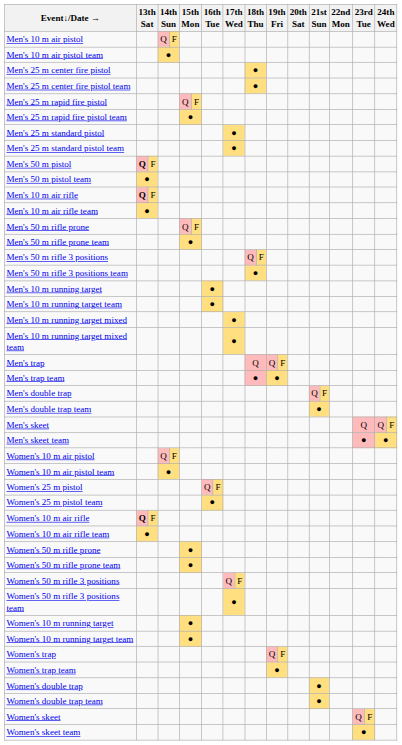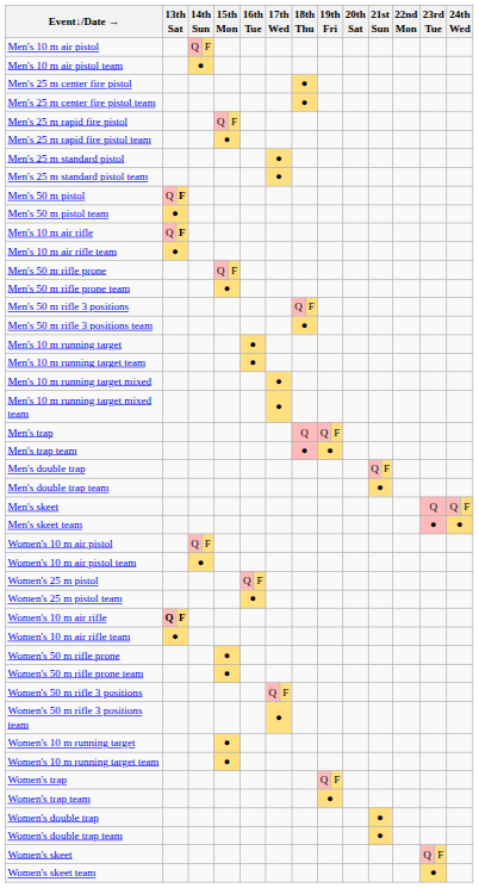 <table class="wikitable" style="margin:0.5em auto; font-size:90%; line-height:1.25em; text-align:center;">
 <tr>
 <th>Event↓/Date →</th>
 <th colspan=2>13th<br>Sat</th>
 <th colspan=2>14th<br>Sun</th>
 <th colspan=2>15th<br>Mon</th>
 <th colspan=2>16th<br>Tue</th>
 <th colspan=2>17th<br>Wed</th>
 <th colspan=2>18th<br>Thu</th>
 <th colspan=2>19th<br>Fri</th>
 <th>20th<br>Sat</th>
 <th colspan=2>21st<br>Sun</th>
 <th>22nd<br>Mon</th>
 <th colspan=2>23rd<br>Tue</th>
 <th colspan=2>24th<br>Wed</th>
 </tr>
 <tr>
 <td align=left><a href='#'>Men's 10 m air pistol</a></td>
 <td colspan=2></td>
 <td bgcolor="#FFBBBB">Q</td>
 <td bgcolor="#FFDF80">F</td>
 <td colspan=2></td>
 <td colspan=2></td>
 <td colspan=2></td>
 <td colspan=2></td>
 <td colspan=2></td>
 <td></td>
 <td colspan=2></td>
 <td></td>
 <td colspan=2></td>
 <td colspan=2></td>
 </tr>
 <tr>
 <td align=left><a href='#'>Men's 10 m air pistol team</a></td>
 <td colspan=2></td>
 <td colspan=2 bgcolor="#FFDF80">●</td>
 <td colspan=2></td>
 <td colspan=2></td>
 <td colspan=2></td>
 <td colspan=2></td>
 <td colspan=2></td>
 <td></td>
 <td colspan=2></td>
 <td></td>
 <td colspan=2></td>
 <td colspan=2></td>
 </tr>
 <tr>
 <td align=left><a href='#'>Men's 25 m center fire pistol</a></td>
 <td colspan=2></td>
 <td colspan=2></td>
 <td colspan=2></td>
 <td colspan=2></td>
 <td colspan=2></td>
 <td colspan=2 bgcolor="#FFDF80">●</td>
 <td colspan=2></td>
 <td></td>
 <td colspan=2></td>
 <td></td>
 <td colspan=2></td>
 <td colspan=2></td>
 </tr>
 <tr>
 <td align=left><a href='#'>Men's 25 m center fire pistol team</a></td>
 <td colspan=2></td>
 <td colspan=2></td>
 <td colspan=2></td>
 <td colspan=2></td>
 <td colspan=2></td>
 <td colspan=2 bgcolor="#FFDF80">●</td>
 <td colspan=2></td>
 <td></td>
 <td colspan=2></td>
 <td></td>
 <td colspan=2></td>
 <td colspan=2></td>
 </tr>
 <tr>
 <td align=left><a href='#'>Men's 25 m rapid fire pistol</a></td>
 <td colspan=2></td>
 <td colspan=2></td>
 <td bgcolor="#FFBBBB">Q</td>
 <td bgcolor="#FFDF80">F</td>
 <td colspan=2></td>
 <td colspan=2></td>
 <td colspan=2></td>
 <td colspan=2></td>
 <td></td>
 <td colspan=2></td>
 <td></td>
 <td colspan=2></td>
 <td colspan=2></td>
 </tr>
 <tr>
 <td align=left><a href='#'>Men's 25 m rapid fire pistol team</a></td>
 <td colspan=2></td>
 <td colspan=2></td>
 <td colspan=2 bgcolor="#FFDF80">●</td>
 <td colspan=2></td>
 <td colspan=2></td>
 <td colspan=2></td>
 <td colspan=2></td>
 <td></td>
 <td colspan=2></td>
 <td></td>
 <td colspan=2></td>
 <td colspan=2></td>
 </tr>
 <tr>
 <td align=left><a href='#'>Men's 25 m standard pistol</a></td>
 <td colspan=2></td>
 <td colspan=2></td>
 <td colspan=2></td>
 <td colspan=2></td>
 <td colspan=2 bgcolor="#FFDF80">●</td>
 <td colspan=2></td>
 <td colspan=2></td>
 <td></td>
 <td colspan=2></td>
 <td></td>
 <td colspan=2></td>
 <td colspan=2></td>
 </tr>
 <tr>
 <td align=left><a href='#'>Men's 25 m standard pistol team</a></td>
 <td colspan=2></td>
 <td colspan=2></td>
 <td colspan=2></td>
 <td colspan=2></td>
 <td colspan=2 bgcolor="#FFDF80">●</td>
 <td colspan=2></td>
 <td colspan=2></td>
 <td></td>
 <td colspan=2></td>
 <td></td>
 <td colspan=2></td>
 <td colspan=2></td>
 </tr>
 <tr>
 <td align=left><a href='#'>Men's 50 m pistol</a></td>
-<td bgcolor="#FFBBBB"><strong>Q</strong></td>
-<td bgcolor="#FFDF80">F</td>
+<td bgcolor="#FFBBBB">Q</td>
+<td bgcolor="#FFDF80"><strong>F</strong></td>
 <td colspan=2></td>
 <td colspan=2></td>
 <td colspan=2></td>
 <td colspan=2></td>
 <td colspan=2></td>
 <td colspan=2></td>
 <td></td>
 <td colspan=2></td>
 <td></td>
 <td colspan=2></td>
 <td colspan=2></td>
 </tr>
 <tr>
 <td align=left><a href='#'>Men's 50 m pistol team</a></td>
 <td colspan=2 bgcolor="#FFDF80">●</td>
 <td colspan=2></td>
 <td colspan=2></td>
 <td colspan=2></td>
 <td colspan=2></td>
 <td colspan=2></td>
 <td colspan=2></td>
 <td></td>
 <td colspan=2></td>
 <td></td>
 <td colspan=2></td>
 <td colspan=2></td>
 </tr>
 <tr>
 <td align=left><a href='#'>Men's 10 m air rifle</a></td>
-<td bgcolor="#FFBBBB"><strong>Q</strong></td>
-<td bgcolor="#FFDF80">F</td>
+<td bgcolor="#FFBBBB">Q</td>
+<td bgcolor="#FFDF80"><strong>F</strong></td>
 <td colspan=2></td>
 <td colspan=2></td>
 <td colspan=2></td>
 <td colspan=2></td>
 <td colspan=2></td>
 <td colspan=2></td>
 <td></td>
 <td colspan=2></td>
 <td></td>
 <td colspan=2></td>
 <td colspan=2></td>
 </tr>
 <tr>
 <td align=left><a href='#'>Men's 10 m air rifle team</a></td>
 <td colspan=2 bgcolor="#FFDF80">●</td>
 <td colspan=2></td>
 <td colspan=2></td>
 <td colspan=2></td>
 <td colspan=2></td>
 <td colspan=2></td>
 <td colspan=2></td>
 <td></td>
 <td colspan=2></td>
 <td></td>
 <td colspan=2></td>
 <td colspan=2></td>
 </tr>
 <tr>
 <td align=left><a href='#'>Men's 50 m rifle prone</a></td>
 <td colspan=2></td>
 <td colspan=2></td>
 <td bgcolor="#FFBBBB">Q</td>
 <td bgcolor="#FFDF80">F</td>
 <td colspan=2></td>
 <td colspan=2></td>
 <td colspan=2></td>
 <td colspan=2></td>
 <td></td>
 <td colspan=2></td>
 <td></td>
 <td colspan=2></td>
 <td colspan=2></td>
 </tr>
 <tr>
 <td align=left><a href='#'>Men's 50 m rifle prone team</a></td>
 <td colspan=2></td>
 <td colspan=2></td>
 <td colspan=2 bgcolor="#FFDF80">●</td>
 <td colspan=2></td>
 <td colspan=2></td>
 <td colspan=2></td>
 <td colspan=2></td>
 <td></td>
 <td colspan=2></td>
 <td></td>
 <td colspan=2></td>
 <td colspan=2></td>
 </tr>
 <tr>
 <td align=left><a href='#'>Men's 50 m rifle 3 positions</a></td>
 <td colspan=2></td>
 <td colspan=2></td>
 <td colspan=2></td>
 <td colspan=2></td>
 <td colspan=2></td>
 <td bgcolor="#FFBBBB">Q</td>
 <td bgcolor="#FFDF80">F</td>
 <td colspan=2></td>
 <td></td>
 <td colspan=2></td>
 <td></td>
 <td colspan=2></td>
 <td colspan=2></td>
 </tr>
 <tr>
 <td align=left><a href='#'>Men's 50 m rifle 3 positions team</a></td>
 <td colspan=2></td>
 <td colspan=2></td>
 <td colspan=2></td>
 <td colspan=2></td>
 <td colspan=2></td>
 <td colspan=2 bgcolor="#FFDF80">●</td>
 <td colspan=2></td>
 <td></td>
 <td colspan=2></td>
 <td></td>
 <td colspan=2></td>
 <td colspan=2></td>
 </tr>
 <tr>
 <td align=left><a href='#'>Men's 10 m running target</a></td>
 <td colspan=2></td>
 <td colspan=2></td>
 <td colspan=2></td>
 <td colspan=2 bgcolor="#FFDF80">●</td>
 <td colspan=2></td>
 <td colspan=2></td>
 <td colspan=2></td>
 <td></td>
 <td colspan=2></td>
 <td></td>
 <td colspan=2></td>
 <td colspan=2></td>
 </tr>
 <tr>
 <td align=left><a href='#'>Men's 10 m running target team</a></td>
 <td colspan=2></td>
 <td colspan=2></td>
 <td colspan=2></td>
 <td colspan=2 bgcolor="#FFDF80">●</td>
 <td colspan=2></td>
 <td colspan=2></td>
 <td colspan=2></td>
 <td></td>
 <td colspan=2></td>
 <td></td>
 <td colspan=2></td>
 <td colspan=2></td>
 </tr>
 <tr>
 <td align=left><a href='#'>Men's 10 m running target mixed</a></td>
 <td colspan=2></td>
 <td colspan=2></td>
 <td colspan=2></td>
 <td colspan=2></td>
 <td colspan=2 bgcolor="#FFDF80">●</td>
 <td colspan=2></td>
 <td colspan=2></td>
 <td></td>
 <td colspan=2></td>
 <td></td>
 <td colspan=2></td>
 <td colspan=2></td>
 </tr>
 <tr>
 <td align=left><a href='#'>Men's 10 m running target mixed team</a></td>
 <td colspan=2></td>
 <td colspan=2></td>
 <td colspan=2></td>
 <td colspan=2></td>
 <td colspan=2 bgcolor="#FFDF80">●</td>
 <td colspan=2></td>
 <td colspan=2></td>
 <td></td>
 <td colspan=2></td>
 <td></td>
 <td colspan=2></td>
 <td colspan=2></td>
 </tr>
 <tr>
 <td align=left><a href='#'>Men's trap</a></td>
 <td colspan=2></td>
 <td colspan=2></td>
 <td colspan=2></td>
 <td colspan=2></td>
 <td colspan=2></td>
 <td colspan=2 bgcolor="#FFBBBB">Q</td>
 <td bgcolor="#FFBBBB">Q</td>
 <td bgcolor="#FFDF80">F</td>
 <td></td>
 <td colspan=2></td>
 <td></td>
 <td colspan=2></td>
 <td colspan=2></td>
 </tr>
 <tr>
 <td align=left><a href='#'>Men's trap team</a></td>
 <td colspan=2></td>
 <td colspan=2></td>
 <td colspan=2></td>
 <td colspan=2></td>
 <td colspan=2></td>
 <td colspan=2 bgcolor="#FFBBBB">●</td>
 <td colspan=2 bgcolor="#FFDF80">●</td>
 <td></td>
 <td colspan=2></td>
 <td></td>
 <td colspan=2></td>
 <td colspan=2></td>
 </tr>
 <tr>
 <td align=left><a href='#'>Men's double trap</a></td>
 <td colspan=2></td>
 <td colspan=2></td>
 <td colspan=2></td>
 <td colspan=2></td>
 <td colspan=2></td>
 <td colspan=2></td>
 <td colspan=2></td>
 <td></td>
 <td bgcolor="#FFBBBB">Q</td>
 <td bgcolor="#FFDF80">F</td>
 <td></td>
 <td colspan=2></td>
 <td colspan=2></td>
 </tr>
 <tr>
 <td align=left><a href='#'>Men's double trap team</a></td>
 <td colspan=2></td>
 <td colspan=2></td>
 <td colspan=2></td>
 <td colspan=2></td>
 <td colspan=2></td>
 <td colspan=2></td>
 <td colspan=2></td>
 <td></td>
 <td colspan=2 bgcolor="#FFDF80">●</td>
 <td></td>
 <td colspan=2></td>
 <td colspan=2></td>
 </tr>
 <tr>
 <td align=left><a href='#'>Men's skeet</a></td>
 <td colspan=2></td>
 <td colspan=2></td>
 <td colspan=2></td>
 <td colspan=2></td>
 <td colspan=2></td>
 <td colspan=2></td>
 <td colspan=2></td>
 <td></td>
 <td colspan=2></td>
 <td></td>
 <td colspan=2 bgcolor="#FFBBBB">Q</td>
 <td bgcolor="#FFBBBB">Q</td>
 <td bgcolor="#FFDF80">F</td>
 </tr>
 <tr>
 <td align=left><a href='#'>Men's skeet team</a></td>
 <td colspan=2></td>
 <td colspan=2></td>
 <td colspan=2></td>
 <td colspan=2></td>
 <td colspan=2></td>
 <td colspan=2></td>
 <td colspan=2></td>
 <td></td>
 <td colspan=2></td>
 <td></td>
 <td colspan=2 bgcolor="#FFBBBB">●</td>
 <td colspan=2 bgcolor="#FFDF80">●</td>
 </tr>
 <tr>
 <td align=left><a href='#'>Women's 10 m air pistol</a></td>
 <td colspan=2></td>
 <td bgcolor="#FFBBBB">Q</td>
 <td bgcolor="#FFDF80">F</td>
 <td colspan=2></td>
 <td colspan=2></td>
 <td colspan=2></td>
 <td colspan=2></td>
 <td colspan=2></td>
 <td></td>
 <td colspan=2></td>
 <td></td>
 <td colspan=2></td>
 <td colspan=2></td>
 </tr>
 <tr>
 <td align=left><a href='#'>Women's 10 m air pistol team</a></td>
 <td colspan=2></td>
 <td colspan=2 bgcolor="#FFDF80">●</td>
 <td colspan=2></td>
 <td colspan=2></td>
 <td colspan=2></td>
 <td colspan=2></td>
 <td colspan=2></td>
 <td></td>
 <td colspan=2></td>
 <td></td>
 <td colspan=2></td>
 <td colspan=2></td>
 </tr>
 <tr>
 <td align=left><a href='#'>Women's 25 m pistol</a></td>
 <td colspan=2></td>
 <td colspan=2></td>
 <td colspan=2></td>
 <td bgcolor="#FFBBBB">Q</td>
 <td bgcolor="#FFDF80">F</td>
 <td colspan=2></td>
 <td colspan=2></td>
 <td colspan=2></td>
 <td></td>
 <td colspan=2></td>
 <td></td>
 <td colspan=2></td>
 <td colspan=2></td>
 </tr>
 <tr>
 <td align=left><a href='#'>Women's 25 m pistol team</a></td>
 <td colspan=2></td>
 <td colspan=2></td>
 <td colspan=2></td>
 <td colspan=2 bgcolor="#FFDF80">●</td>
 <td colspan=2></td>
 <td colspan=2></td>
 <td colspan=2></td>
 <td></td>
 <td colspan=2></td>
 <td></td>
 <td colspan=2></td>
 <td colspan=2></td>
 </tr>
 <tr>
 <td align=left><a href='#'>Women's 10 m air rifle</a></td>
 <td bgcolor="#FFBBBB"><strong>Q</strong></td>
-<td bgcolor="#FFDF80">F</td>
+<td bgcolor="#FFDF80"><strong>F</strong></td>
 <td colspan=2></td>
 <td colspan=2></td>
 <td colspan=2></td>
 <td colspan=2></td>
 <td colspan=2></td>
 <td colspan=2></td>
 <td></td>
 <td colspan=2></td>
 <td></td>
 <td colspan=2></td>
 <td colspan=2></td>
 </tr>
 <tr>
 <td align=left><a href='#'>Women's 10 m air rifle team</a></td>
 <td colspan=2 bgcolor="#FFDF80">●</td>
 <td colspan=2></td>
 <td colspan=2></td>
 <td colspan=2></td>
 <td colspan=2></td>
 <td colspan=2></td>
 <td colspan=2></td>
 <td></td>
 <td colspan=2></td>
 <td></td>
 <td colspan=2></td>
 <td colspan=2></td>
 </tr>
 <tr>
 <td align=left><a href='#'>Women's 50 m rifle prone</a></td>
 <td colspan=2></td>
 <td colspan=2></td>
 <td colspan=2 bgcolor="#FFDF80">●</td>
 <td colspan=2></td>
 <td colspan=2></td>
 <td colspan=2></td>
 <td colspan=2></td>
 <td></td>
 <td colspan=2></td>
 <td></td>
 <td colspan=2></td>
 <td colspan=2></td>
 </tr>
 <tr>
 <td align=left><a href='#'>Women's 50 m rifle prone team</a></td>
 <td colspan=2></td>
 <td colspan=2></td>
 <td colspan=2 bgcolor="#FFDF80">●</td>
 <td colspan=2></td>
 <td colspan=2></td>
 <td colspan=2></td>
 <td colspan=2></td>
 <td></td>
 <td colspan=2></td>
 <td></td>
 <td colspan=2></td>
 <td colspan=2></td>
 </tr>
 <tr>
 <td align=left><a href='#'>Women's 50 m rifle 3 positions</a></td>
 <td colspan=2></td>
 <td colspan=2></td>
 <td colspan=2></td>
 <td colspan=2></td>
 <td bgcolor="#FFBBBB">Q</td>
 <td bgcolor="#FFDF80">F</td>
 <td colspan=2></td>
 <td colspan=2></td>
 <td></td>
 <td colspan=2></td>
 <td></td>
 <td colspan=2></td>
 <td colspan=2></td>
 </tr>
 <tr>
 <td align=left><a href='#'>Women's 50 m rifle 3 positions team</a></td>
 <td colspan=2></td>
 <td colspan=2></td>
 <td colspan=2></td>
 <td colspan=2></td>
 <td colspan=2 bgcolor="#FFDF80">●</td>
 <td colspan=2></td>
 <td colspan=2></td>
 <td></td>
 <td colspan=2></td>
 <td></td>
 <td colspan=2></td>
 <td colspan=2></td>
 </tr>
 <tr>
 <td align=left><a href='#'>Women's 10 m running target</a></td>
 <td colspan=2></td>
 <td colspan=2></td>
 <td colspan=2 bgcolor="#FFDF80">●</td>
 <td colspan=2></td>
 <td colspan=2></td>
 <td colspan=2></td>
 <td colspan=2></td>
 <td></td>
 <td colspan=2></td>
 <td></td>
 <td colspan=2></td>
 <td colspan=2></td>
 </tr>
 <tr>
 <td align=left><a href='#'>Women's 10 m running target team</a></td>
 <td colspan=2></td>
 <td colspan=2></td>
 <td colspan=2 bgcolor="#FFDF80">●</td>
 <td colspan=2></td>
 <td colspan=2></td>
 <td colspan=2></td>
 <td colspan=2></td>
 <td></td>
 <td colspan=2></td>
 <td></td>
 <td colspan=2></td>
 <td colspan=2></td>
 </tr>
 <tr>
 <td align=left><a href='#'>Women's trap</a></td>
 <td colspan=2></td>
 <td colspan=2></td>
 <td colspan=2></td>
 <td colspan=2></td>
 <td colspan=2></td>
 <td colspan=2></td>
 <td bgcolor="#FFBBBB">Q</td>
 <td bgcolor="#FFDF80">F</td>
 <td></td>
 <td colspan=2></td>
 <td></td>
 <td colspan=2></td>
 <td colspan=2></td>
 </tr>
 <tr>
 <td align=left><a href='#'>Women's trap team</a></td>
 <td colspan=2></td>
 <td colspan=2></td>
 <td colspan=2></td>
 <td colspan=2></td>
 <td colspan=2></td>
 <td colspan=2></td>
 <td colspan=2 bgcolor="#FFDF80">●</td>
 <td></td>
 <td colspan=2></td>
 <td></td>
 <td colspan=2></td>
 <td colspan=2></td>
 </tr>
 <tr>
 <td align=left><a href='#'>Women's double trap</a></td>
 <td colspan=2></td>
 <td colspan=2></td>
 <td colspan=2></td>
 <td colspan=2></td>
 <td colspan=2></td>
 <td colspan=2></td>
 <td colspan=2></td>
 <td></td>
 <td colspan=2 bgcolor="#FFDF80">●</td>
 <td></td>
 <td colspan=2></td>
 <td colspan=2></td>
 </tr>
 <tr>
 <td align=left><a href='#'>Women's double trap team</a></td>
 <td colspan=2></td>
 <td colspan=2></td>
 <td colspan=2></td>
 <td colspan=2></td>
 <td colspan=2></td>
 <td colspan=2></td>
 <td colspan=2></td>
 <td></td>
 <td colspan=2 bgcolor="#FFDF80">●</td>
 <td></td>
 <td colspan=2></td>
 <td colspan=2></td>
 </tr>
 <tr>
 <td align=left><a href='#'>Women's skeet</a></td>
 <td colspan=2></td>
 <td colspan=2></td>
 <td colspan=2></td>
 <td colspan=2></td>
 <td colspan=2></td>
 <td colspan=2></td>
 <td colspan=2></td>
 <td></td>
 <td colspan=2></td>
 <td></td>
 <td bgcolor="#FFBBBB">Q</td>
 <td bgcolor="#FFDF80">F</td>
 <td colspan=2></td>
 </tr>
 <tr>
 <td align=left><a href='#'>Women's skeet team</a></td>
 <td colspan=2></td>
 <td colspan=2></td>
 <td colspan=2></td>
 <td colspan=2></td>
 <td colspan=2></td>
 <td colspan=2></td>
 <td colspan=2></td>
 <td></td>
 <td colspan=2></td>
 <td></td>
 <td colspan=2 bgcolor="#FFDF80">●</td>
 <td colspan=2></td>
 </tr>
 </table>
